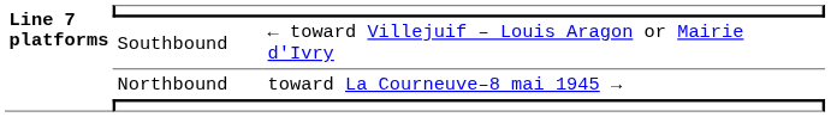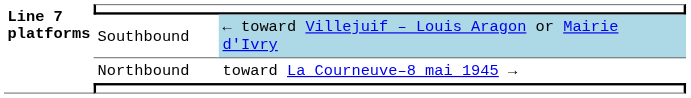 <table border=0 cellspacing=0 cellpadding=3>
 <tr>
 <td style="border-bottom:solid 1px gray;" width=50 rowspan=10 valign=top><strong>Line 7 platforms</strong></td>
 <td style="border-top:solid 1px gray;border-right:solid 2px black;border-left:solid 2px black;border-bottom:solid 2px black;text-align:center;" colspan=2></td>
 </tr>
 <tr>
 <td style="border-bottom:solid 1px gray;" width=100>Southbound</td>
-<td style="border-bottom:solid 1px gray;" width=390>←   toward <a href='#'>Villejuif – Louis Aragon</a> or <a href='#'>Mairie d'Ivry</a> </td>
+<td style="background: lightblue; border-bottom:solid 1px gray;" width=390>←   toward <a href='#'>Villejuif – Louis Aragon</a> or <a href='#'>Mairie d'Ivry</a> </td>
 </tr>
 <tr>
 <td>Northbound</td>
 <td>   toward <a href='#'>La Courneuve–8 mai 1945</a>  →</td>
 </tr>
 <tr>
 <td style="border-top:solid 2px black;border-right:solid 2px black;border-left:solid 2px black;border-bottom:solid 1px gray;text-align:center;" colspan=2></td>
 </tr>
 </table>
